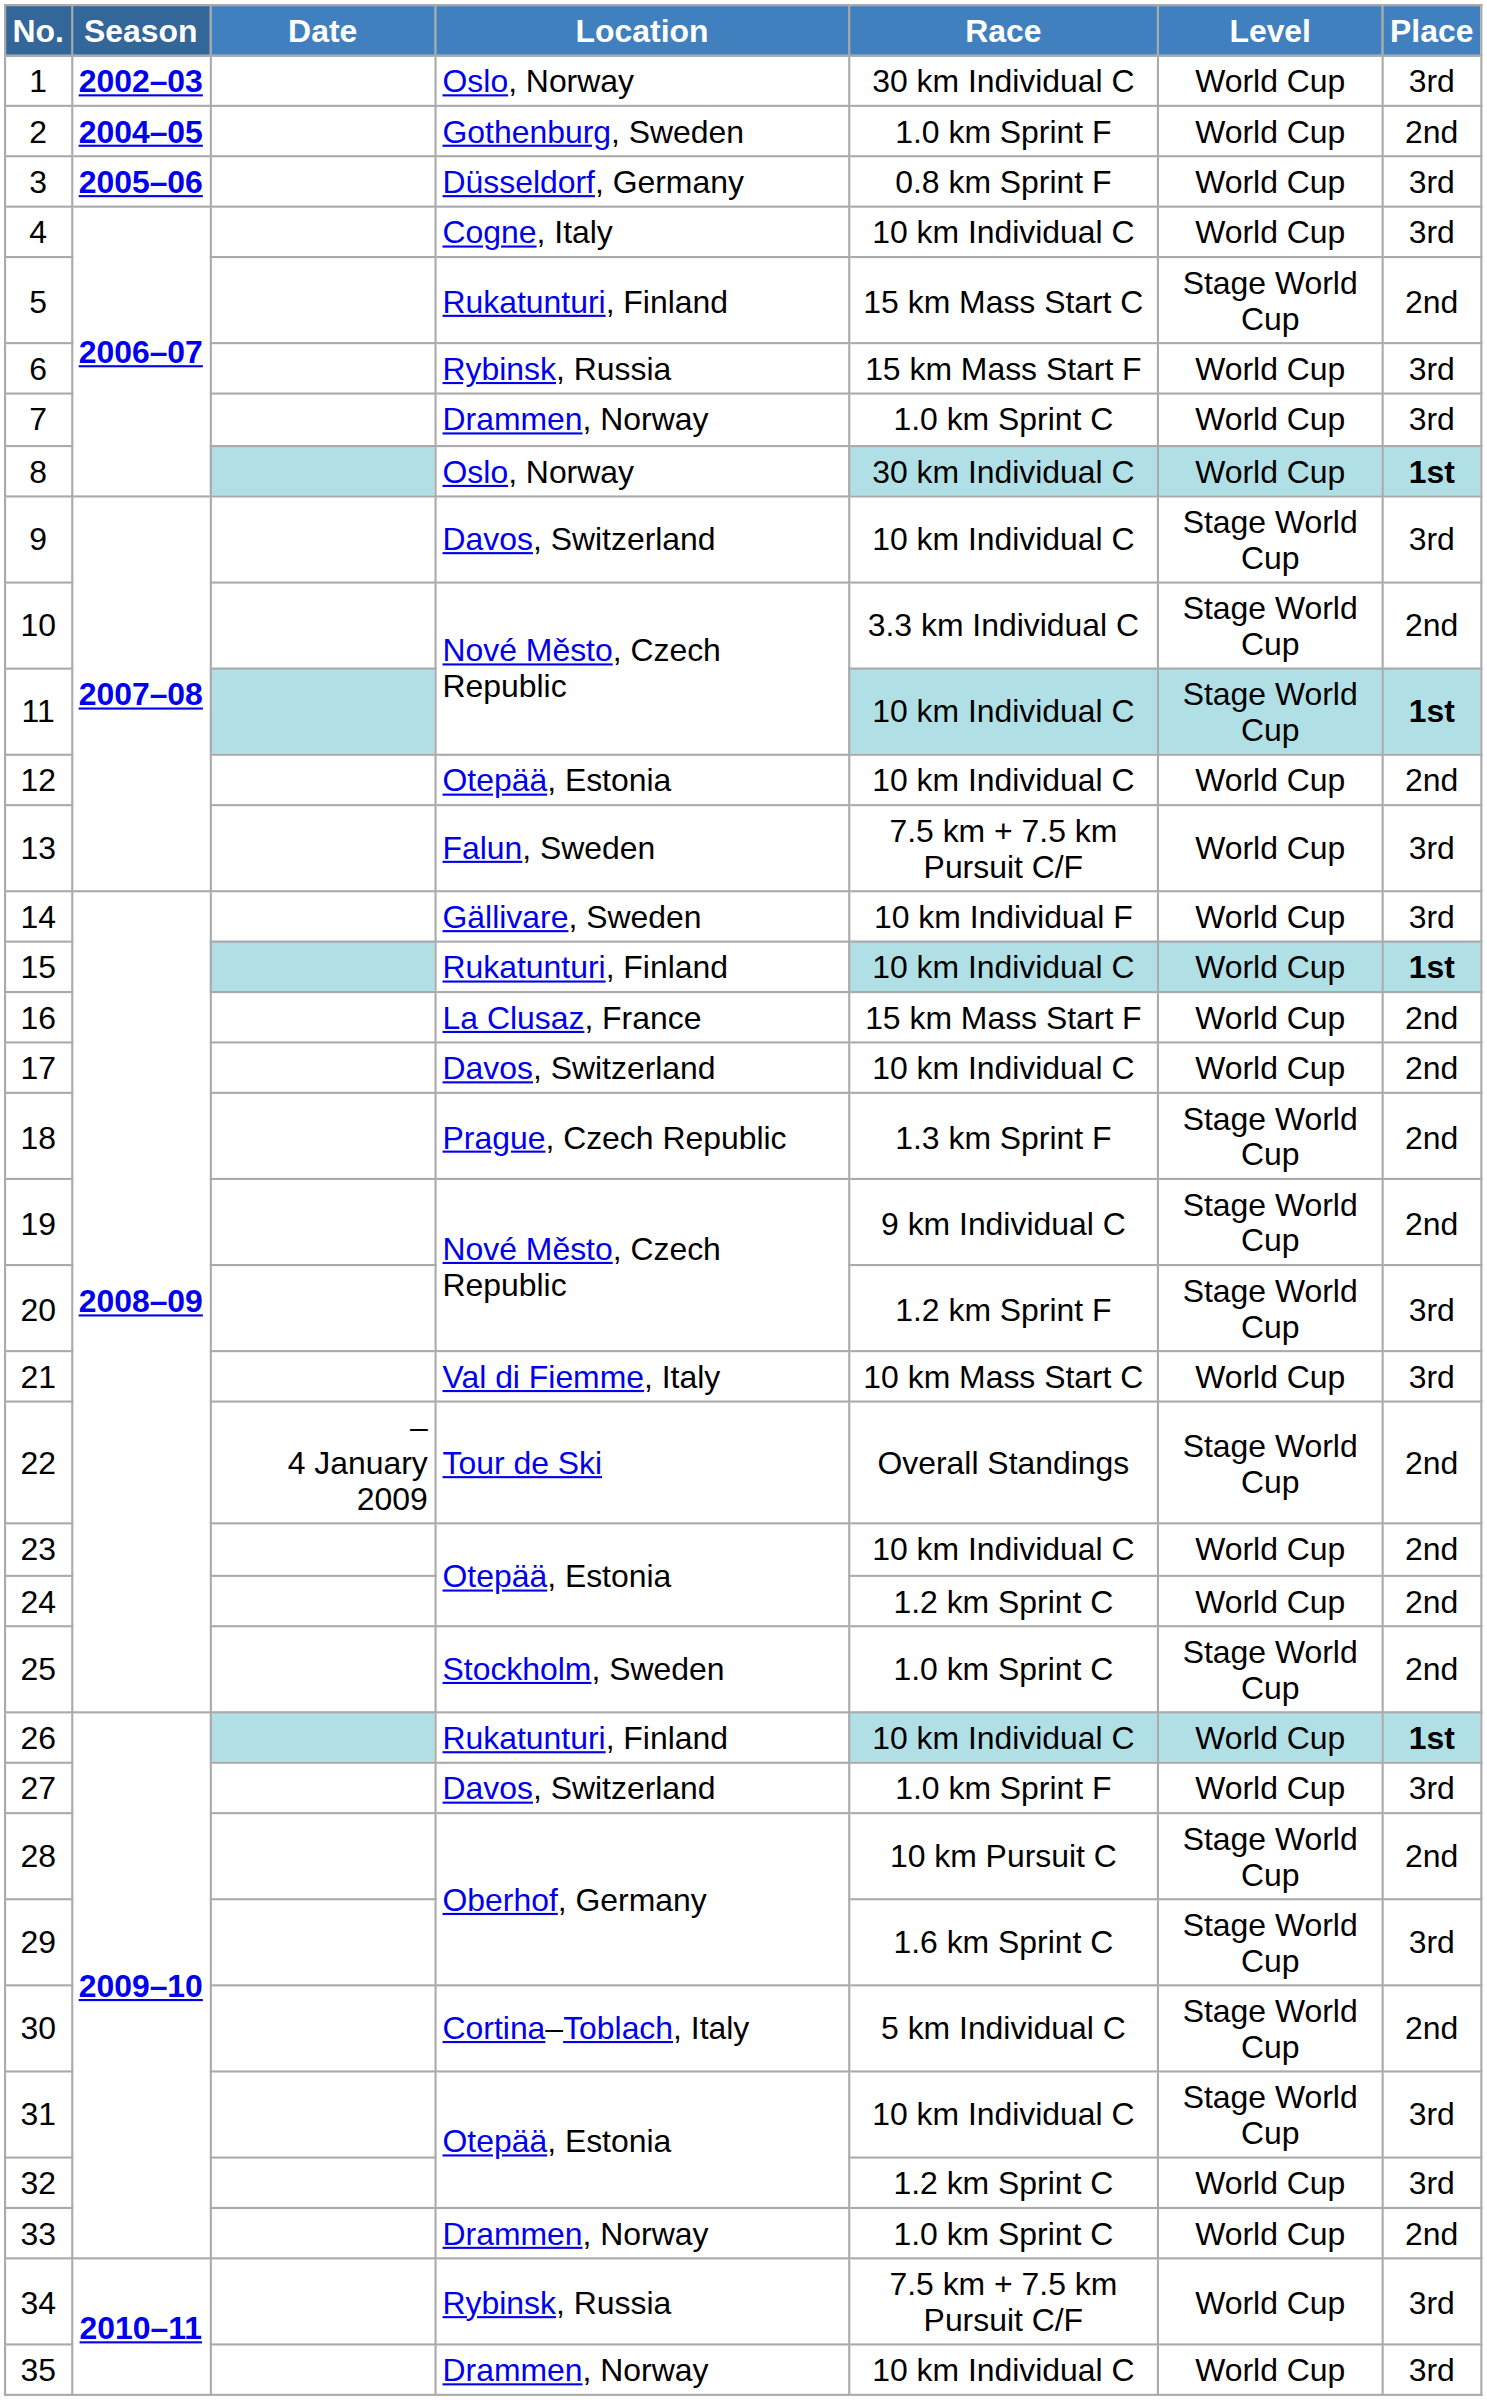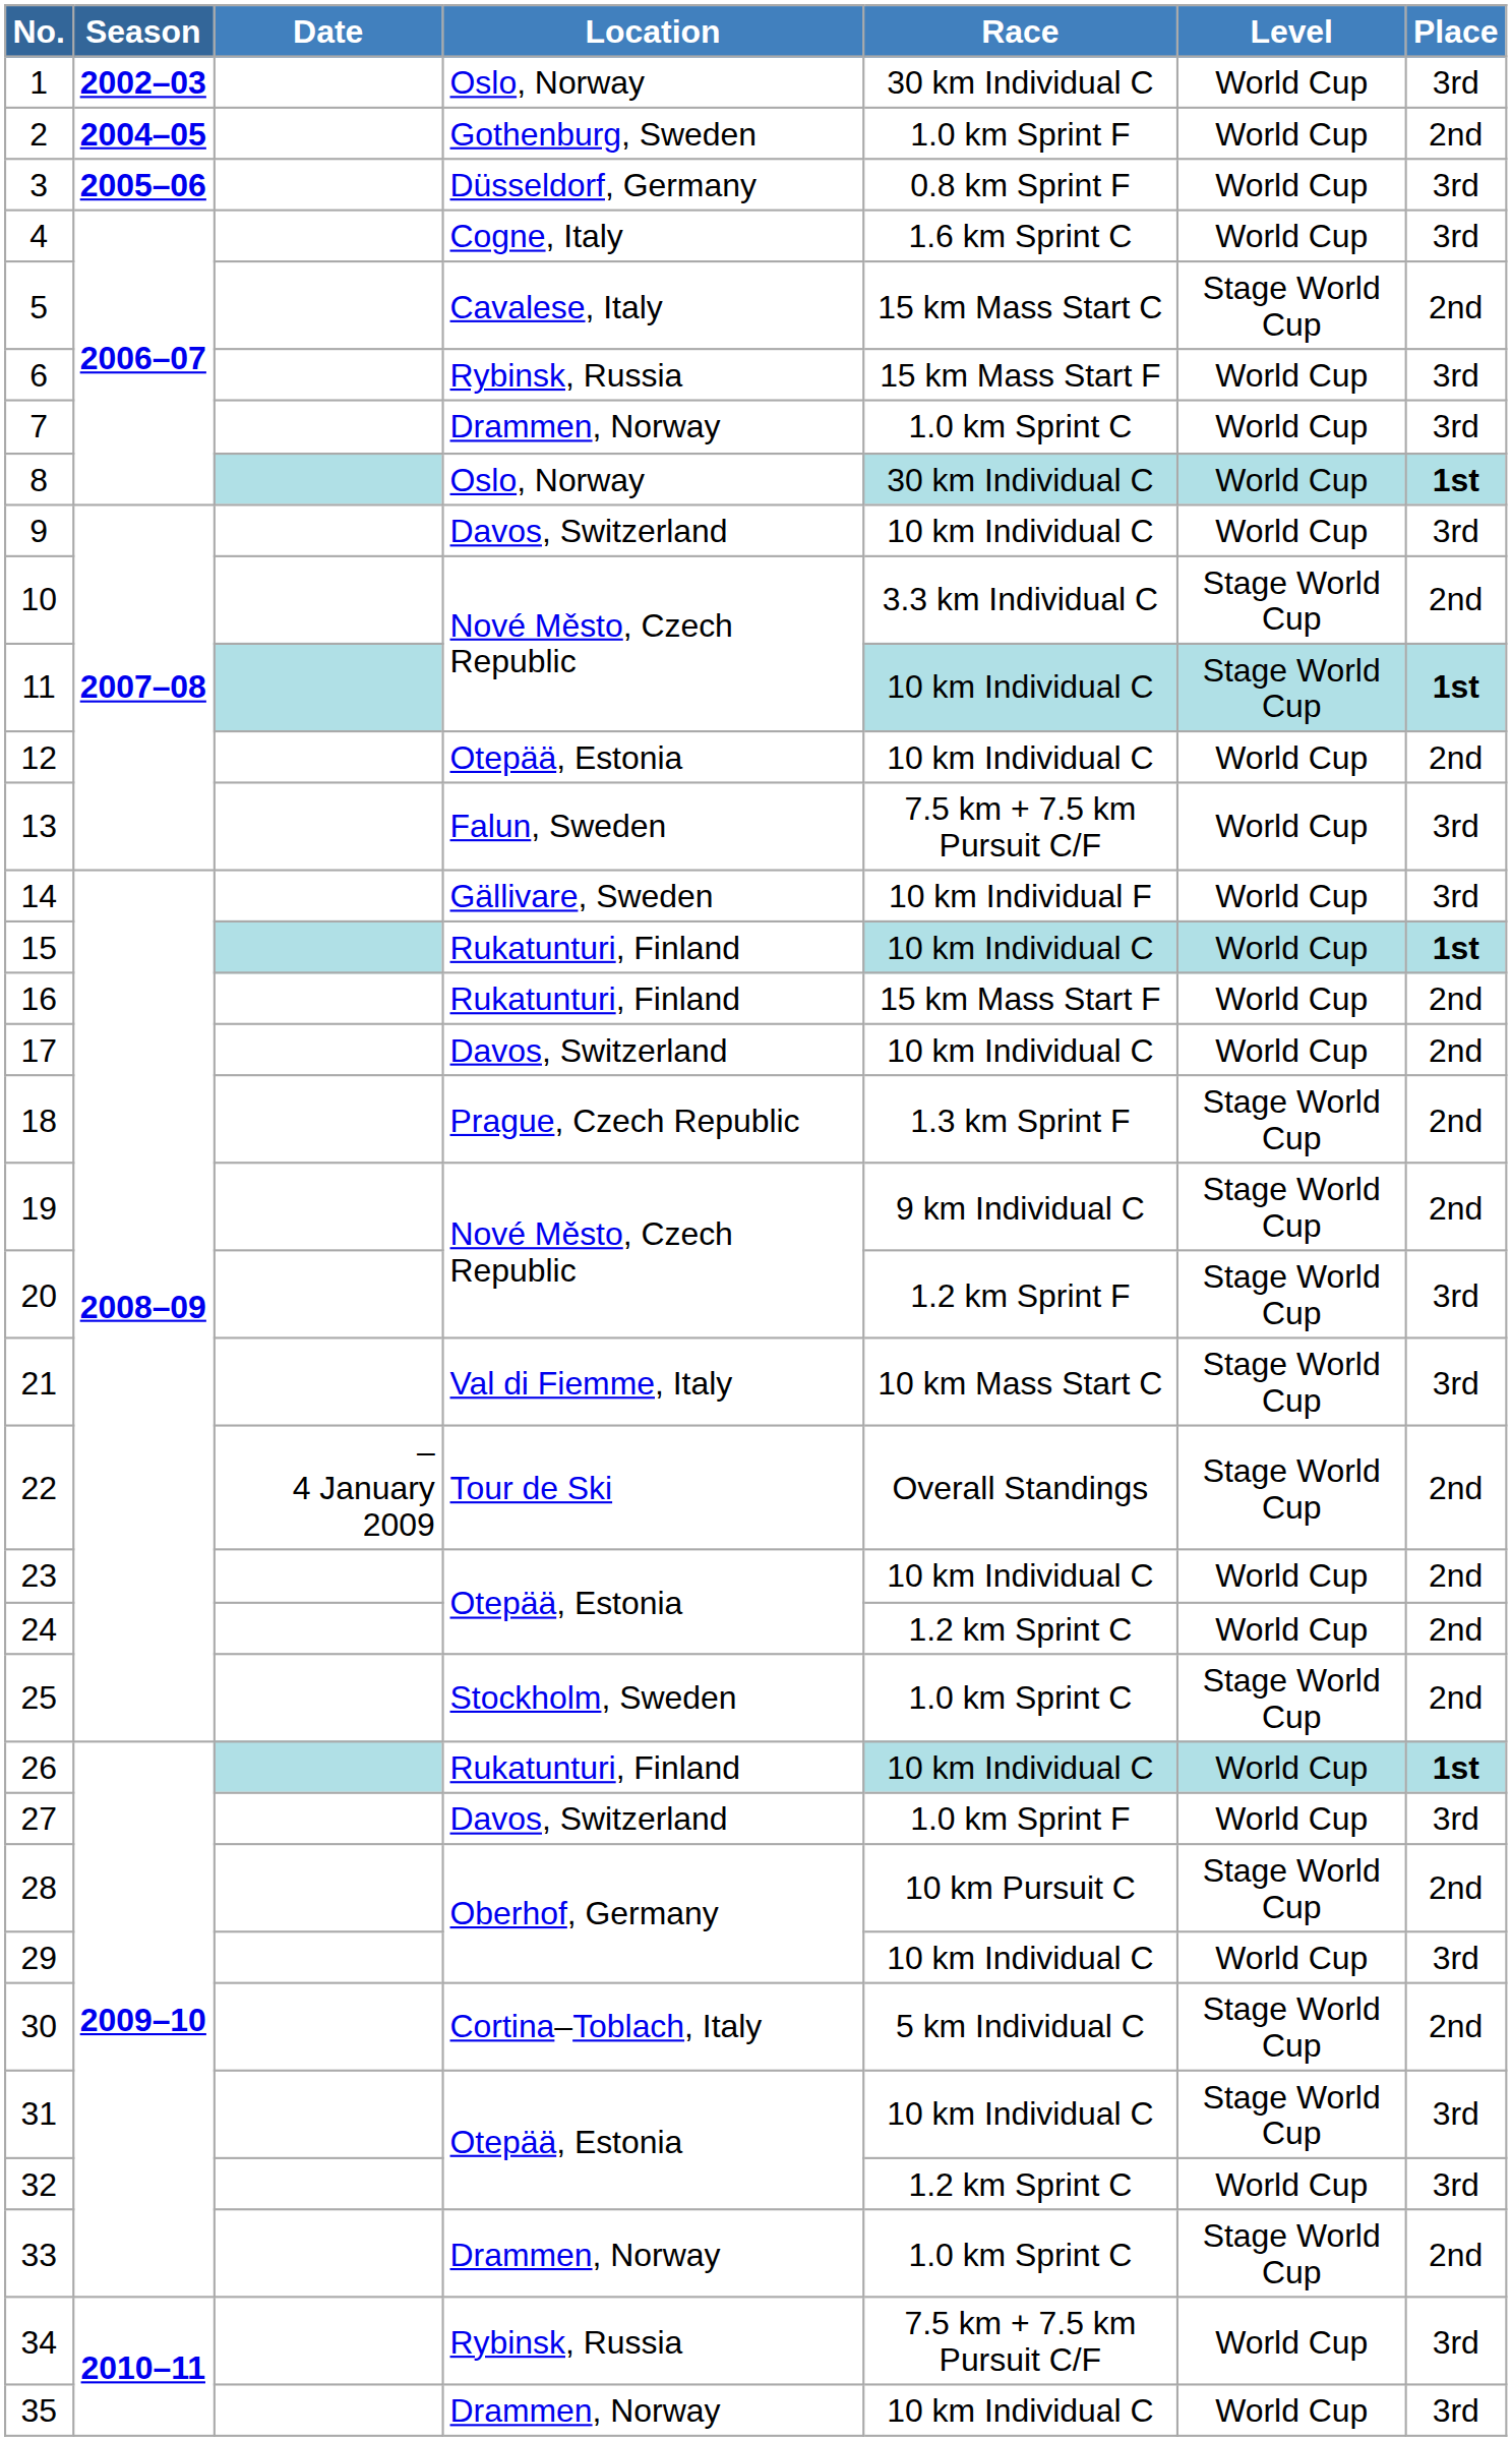 <table class="wikitable sortable" style="font-size:95%; text-align:center; border:grey solid 1px; border-collapse:collapse; background:#ffffff;">
 <tr style="background:#efefef;">
 <th style="background-color:#369; color:white;">No.</th>
 <th style="background-color:#369; color:white;">Season</th>
 <th style="background-color:#4180be; color:white; width:100px;">Date</th>
 <th style="background-color:#4180be; color:white; width:190px;">Location</th>
 <th style="background-color:#4180be; color:white; width:140px;">Race</th>
 <th style="background-color:#4180be; color:white; width:100px;">Level</th>
 <th style="background-color:#4180be; color:white;">Place</th>
 </tr>
 <tr>
 <td>1</td>
 <td><strong><a href='#'>2002–03</a></strong></td>
 <td style="text-align: right;"></td>
 <td style="text-align: left;"> <a href='#'>Oslo</a>, Norway</td>
 <td>30 km Individual C</td>
 <td>World Cup</td>
 <td>3rd</td>
 </tr>
 <tr>
 <td>2</td>
 <td><strong><a href='#'>2004–05</a></strong></td>
 <td style="text-align: right;"></td>
 <td style="text-align: left;"> <a href='#'>Gothenburg</a>, Sweden</td>
 <td>1.0 km Sprint F</td>
 <td>World Cup</td>
 <td>2nd</td>
 </tr>
 <tr>
 <td>3</td>
 <td><strong><a href='#'>2005–06</a></strong></td>
 <td style="text-align: right;"></td>
 <td style="text-align: left;"> <a href='#'>Düsseldorf</a>, Germany</td>
 <td>0.8 km Sprint F</td>
 <td>World Cup</td>
 <td>3rd</td>
 </tr>
 <tr>
 <td>4</td>
 <td rowspan="5"><strong><a href='#'>2006–07</a></strong></td>
 <td style="text-align: right;"></td>
 <td style="text-align: left;"> <a href='#'>Cogne</a>, Italy</td>
-<td>10 km Individual C</td>
+<td>1.6 km Sprint C</td>
 <td>World Cup</td>
 <td>3rd</td>
 </tr>
 <tr>
 <td>5</td>
 <td style="text-align: right;"></td>
-<td style="text-align: left;"> <a href='#'>Rukatunturi</a>, Finland</td>
+<td style="text-align: left;"> <a href='#'>Cavalese</a>, Italy</td>
 <td>15 km Mass Start C</td>
 <td>Stage World Cup</td>
 <td>2nd</td>
 </tr>
 <tr>
 <td>6</td>
 <td style="text-align: right;"></td>
 <td style="text-align: left;"> <a href='#'>Rybinsk</a>, Russia</td>
 <td>15 km Mass Start F</td>
 <td>World Cup</td>
 <td>3rd</td>
 </tr>
 <tr>
 <td>7</td>
 <td style="text-align: right;"></td>
 <td style="text-align: left;"> <a href='#'>Drammen</a>, Norway</td>
 <td>1.0 km Sprint C</td>
 <td>World Cup</td>
 <td>3rd</td>
 </tr>
 <tr>
 <td>8</td>
 <td bgcolor="#BOEOE6" style="text-align: right;"></td>
 <td style="text-align: left;"> <a href='#'>Oslo</a>, Norway</td>
 <td bgcolor="#BOEOE6">30 km Individual C</td>
 <td bgcolor="#BOEOE6">World Cup</td>
 <td bgcolor="#BOEOE6"><strong>1st</strong></td>
 </tr>
 <tr>
 <td>9</td>
 <td rowspan="5"><strong><a href='#'>2007–08</a></strong></td>
 <td style="text-align: right;"></td>
 <td style="text-align: left;"> <a href='#'>Davos</a>, Switzerland</td>
 <td>10 km Individual C</td>
-<td>Stage World Cup</td>
+<td>World Cup</td>
 <td>3rd</td>
 </tr>
 <tr>
 <td>10</td>
 <td style="text-align: right;"></td>
 <td rowspan=2 align=left> <a href='#'>Nové Město</a>, Czech Republic</td>
 <td>3.3 km Individual C</td>
 <td>Stage World Cup</td>
 <td>2nd</td>
 </tr>
 <tr>
 <td>11</td>
 <td bgcolor="#BOEOE6" style="text-align: right;"></td>
 <td bgcolor="#BOEOE6">10 km Individual C</td>
 <td bgcolor="#BOEOE6">Stage World Cup</td>
 <td bgcolor="#BOEOE6"><strong>1st</strong></td>
 </tr>
 <tr>
 <td>12</td>
 <td style="text-align: right;"></td>
 <td style="text-align: left;"> <a href='#'>Otepää</a>, Estonia</td>
 <td>10 km Individual C</td>
 <td>World Cup</td>
 <td>2nd</td>
 </tr>
 <tr>
 <td>13</td>
 <td style="text-align: right;"></td>
 <td style="text-align: left;"> <a href='#'>Falun</a>, Sweden</td>
 <td>7.5 km + 7.5 km Pursuit C/F</td>
 <td>World Cup</td>
 <td>3rd</td>
 </tr>
 <tr>
 <td>14</td>
 <td rowspan="12"><strong><a href='#'>2008–09</a></strong></td>
 <td style="text-align: right;"></td>
 <td style="text-align: left;"> <a href='#'>Gällivare</a>, Sweden</td>
 <td>10 km Individual F</td>
 <td>World Cup</td>
 <td>3rd</td>
 </tr>
 <tr>
 <td>15</td>
 <td bgcolor="#BOEOE6" style="text-align: right;"></td>
 <td style="text-align: left;"> <a href='#'>Rukatunturi</a>, Finland</td>
 <td bgcolor="#BOEOE6">10 km Individual C</td>
 <td bgcolor="#BOEOE6">World Cup</td>
 <td bgcolor="#BOEOE6"><strong>1st</strong></td>
 </tr>
 <tr>
 <td>16</td>
 <td style="text-align: right;"></td>
-<td style="text-align: left;"> <a href='#'>La Clusaz</a>, France</td>
+<td style="text-align: left;"> <a href='#'>Rukatunturi</a>, Finland</td>
 <td>15 km Mass Start F</td>
 <td>World Cup</td>
 <td>2nd</td>
 </tr>
 <tr>
 <td>17</td>
 <td style="text-align: right;"></td>
 <td style="text-align: left;"> <a href='#'>Davos</a>, Switzerland</td>
 <td>10 km Individual C</td>
 <td>World Cup</td>
 <td>2nd</td>
 </tr>
 <tr>
 <td>18</td>
 <td style="text-align: right;"></td>
 <td style="text-align: left;"> <a href='#'>Prague</a>, Czech Republic</td>
 <td>1.3 km Sprint F</td>
 <td>Stage World Cup</td>
 <td>2nd</td>
 </tr>
 <tr>
 <td>19</td>
 <td style="text-align: right;"></td>
 <td rowspan=2 align=left> <a href='#'>Nové Město</a>, Czech Republic</td>
 <td>9 km Individual C</td>
 <td>Stage World Cup</td>
 <td>2nd</td>
 </tr>
 <tr>
 <td>20</td>
 <td style="text-align: right;"></td>
 <td>1.2 km Sprint F</td>
 <td>Stage World Cup</td>
 <td>3rd</td>
 </tr>
 <tr>
 <td>21</td>
 <td style="text-align: right;"></td>
 <td style="text-align: left;"> <a href='#'>Val di Fiemme</a>, Italy</td>
 <td>10 km Mass Start C</td>
-<td>World Cup</td>
+<td>Stage World Cup</td>
 <td>3rd</td>
 </tr>
 <tr>
 <td>22</td>
 <td style="text-align: right;"> –<br>4 January 2009</td>
 <td style="text-align: left;"> <a href='#'>Tour de Ski</a></td>
 <td>Overall Standings</td>
 <td>Stage World Cup</td>
 <td>2nd</td>
 </tr>
 <tr>
 <td>23</td>
 <td style="text-align: right;"></td>
 <td rowspan=2 align=left> <a href='#'>Otepää</a>, Estonia</td>
 <td>10 km Individual C</td>
 <td>World Cup</td>
 <td>2nd</td>
 </tr>
 <tr>
 <td>24</td>
 <td style="text-align: right;"></td>
 <td>1.2 km Sprint C</td>
 <td>World Cup</td>
 <td>2nd</td>
 </tr>
 <tr>
 <td>25</td>
 <td style="text-align: right;"></td>
 <td style="text-align: left;"> <a href='#'>Stockholm</a>, Sweden</td>
 <td>1.0 km Sprint C</td>
 <td>Stage World Cup</td>
 <td>2nd</td>
 </tr>
 <tr>
 <td>26</td>
 <td rowspan="8"><strong><a href='#'>2009–10</a></strong></td>
 <td bgcolor="#BOEOE6" style="text-align: right;"></td>
 <td style="text-align: left;"> <a href='#'>Rukatunturi</a>, Finland</td>
 <td bgcolor="#BOEOE6">10 km Individual C</td>
 <td bgcolor="#BOEOE6">World Cup</td>
 <td bgcolor="#BOEOE6"><strong>1st</strong></td>
 </tr>
 <tr>
 <td>27</td>
 <td style="text-align: right;"></td>
 <td style="text-align: left;"> <a href='#'>Davos</a>, Switzerland</td>
 <td>1.0 km Sprint F</td>
 <td>World Cup</td>
 <td>3rd</td>
 </tr>
 <tr>
 <td>28</td>
 <td style="text-align: right;"></td>
 <td rowspan=2 align=left> <a href='#'>Oberhof</a>, Germany</td>
 <td>10 km Pursuit C</td>
 <td>Stage World Cup</td>
 <td>2nd</td>
 </tr>
 <tr>
 <td>29</td>
 <td style="text-align: right;"></td>
-<td>1.6 km Sprint C</td>
-<td>Stage World Cup</td>
+<td>10 km Individual C</td>
+<td>World Cup</td>
 <td>3rd</td>
 </tr>
 <tr>
 <td>30</td>
 <td style="text-align: right;"></td>
 <td style="text-align: left;"> <a href='#'>Cortina</a>–<a href='#'>Toblach</a>, Italy</td>
 <td>5 km Individual C</td>
 <td>Stage World Cup</td>
 <td>2nd</td>
 </tr>
 <tr>
 <td>31</td>
 <td style="text-align: right;"></td>
 <td rowspan=2 align=left> <a href='#'>Otepää</a>, Estonia</td>
 <td>10 km Individual C</td>
 <td>Stage World Cup</td>
 <td>3rd</td>
 </tr>
 <tr>
 <td>32</td>
 <td style="text-align: right;"></td>
 <td>1.2 km Sprint C</td>
 <td>World Cup</td>
 <td>3rd</td>
 </tr>
 <tr>
 <td>33</td>
 <td style="text-align: right;"></td>
 <td style="text-align: left;"> <a href='#'>Drammen</a>, Norway</td>
 <td>1.0 km Sprint C</td>
-<td>World Cup</td>
+<td>Stage World Cup</td>
 <td>2nd</td>
 </tr>
 <tr>
 <td>34</td>
 <td rowspan="2"><strong><a href='#'>2010–11</a></strong></td>
 <td style="text-align: right;"></td>
 <td style="text-align: left;"> <a href='#'>Rybinsk</a>, Russia</td>
 <td>7.5 km + 7.5 km Pursuit C/F</td>
 <td>World Cup</td>
 <td>3rd</td>
 </tr>
 <tr>
 <td>35</td>
 <td style="text-align: right;"></td>
 <td style="text-align: left;"> <a href='#'>Drammen</a>, Norway</td>
 <td>10 km Individual C</td>
 <td>World Cup</td>
 <td>3rd</td>
 </tr>
 </table>
